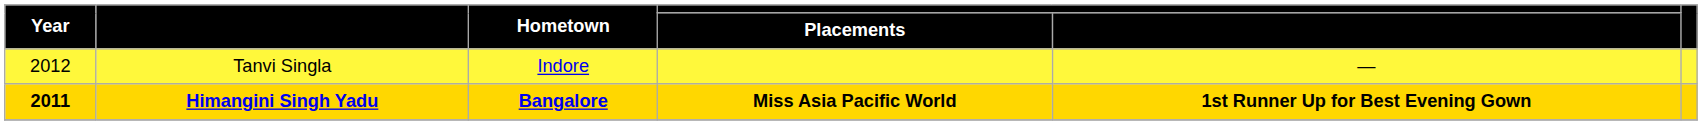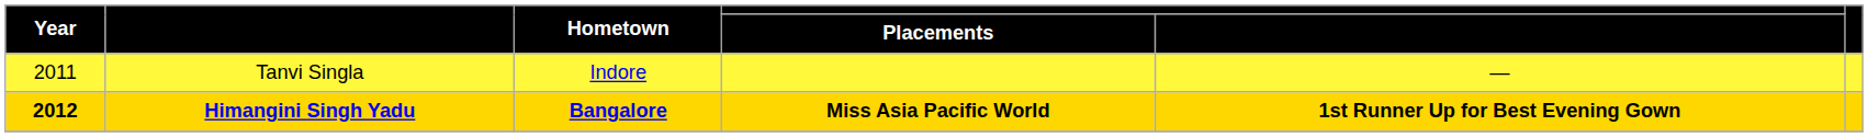 <table class="wikitable" style="text-align:center; line-height:20px; font-size:85%; width:100%;">
 <tr>
 <th rowspan="2" style="background-color:#000000; color:#FFFFFF;">Year</th>
 <th rowspan="2" style="background-color:#000000; color:#FFFFFF;"></th>
 <th rowspan="2" style="background-color:#000000; color:#FFFFFF;">Hometown</th>
 <th colspan="2" style="background-color:#000000; color:#FFFFFF;"></th>
 <th rowspan="2" style="background-color:#000000; color:#FFFFFF;"></th>
 </tr>
 <tr>
 <th style="background-color:#000000; color:#FFFFFF;">Placements</th>
 <th style="background-color:#000000; color:#FFFFFF;"></th>
 </tr>
 <tr style="background-color:#FFF83B;">
-<td>2012</td>
+<td>2011</td>
 <td>Tanvi Singla</td>
 <td><a href='#'>Indore</a></td>
 <td></td>
 <td>—</td>
 <td></td>
 </tr>
 <tr style="background-color:gold; font-weight:bold">
-<td>2011</td>
+<td>2012</td>
 <td><a href='#'>Himangini Singh Yadu</a></td>
 <td><a href='#'>Bangalore</a></td>
 <td>Miss Asia Pacific World</td>
 <td>1st Runner Up for Best Evening Gown</td>
 <td></td>
 </tr>
 <tr>
 </tr>
 </table>
